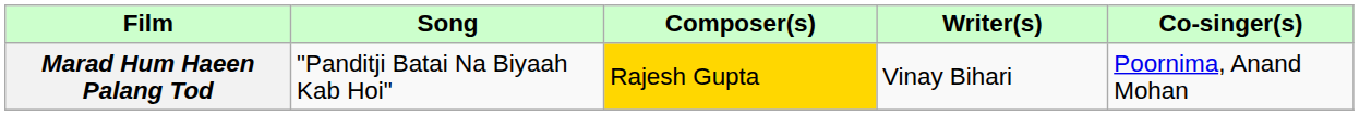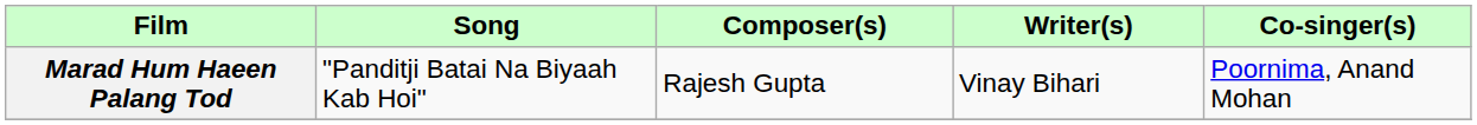 <table class="wikitable plainrowheaders" width="100%" textcolor:#000;">
 <tr style="background:#cfc; text-align:center;">
 <td scope="col" width=21%><strong>Film</strong></td>
 <td scope="col" width=23%><strong>Song</strong></td>
 <td scope="col" width=20%><strong>Composer(s)</strong></td>
 <td scope="col" width=17%><strong>Writer(s)</strong></td>
 <td scope="col" width=18%><strong>Co-singer(s)</strong></td>
 </tr>
 <tr>
 <th scope="row" rowspan="1"><em>Marad Hum Haeen Palang Tod</em></th>
 <td>"Panditji Batai Na Biyaah Kab Hoi"</td>
-<td style="background: gold;">Rajesh Gupta</td>
+<td>Rajesh Gupta</td>
 <td>Vinay Bihari</td>
 <td><a href='#'>Poornima</a>, Anand Mohan</td>
 </tr>
 <tr>
 </tr>
 </table>
